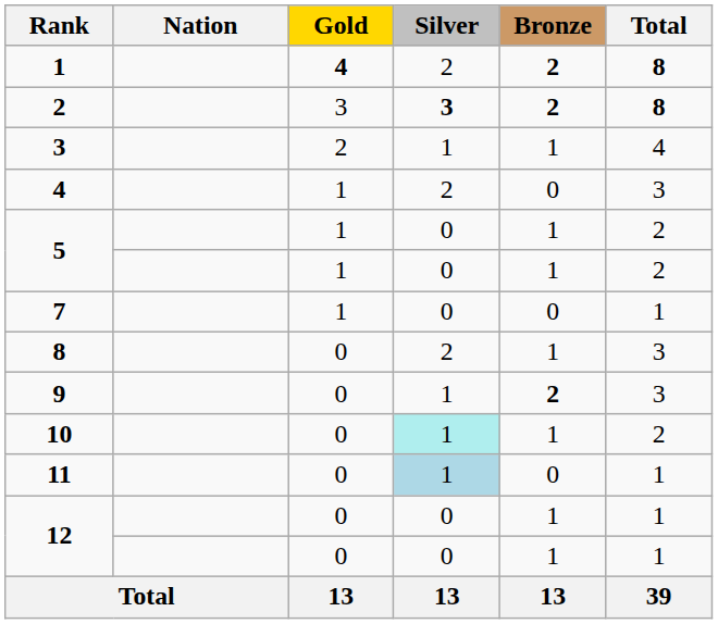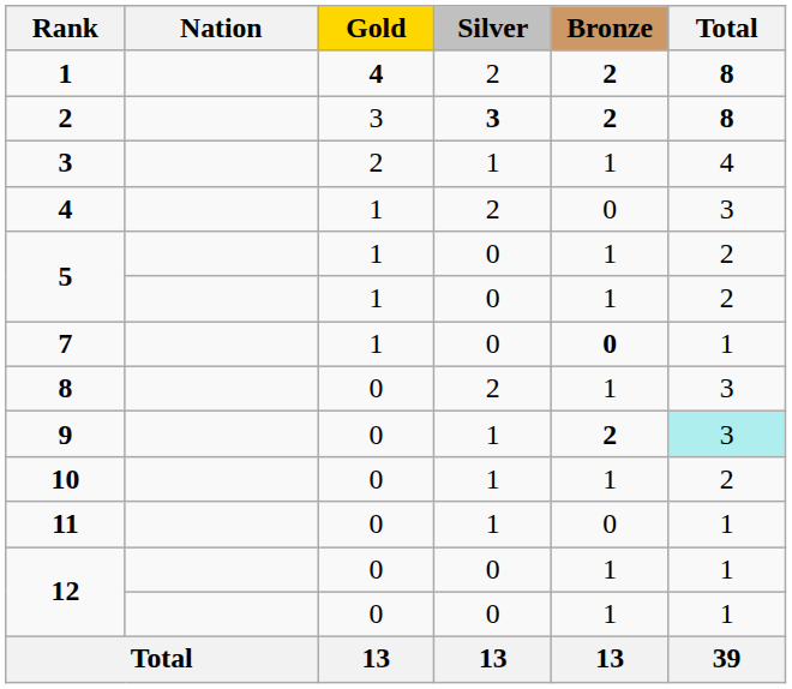 <table class="wikitable collapsible autocollapse plainrowheaders" width=70.5% style="text-align:center;">
 <tr style="background-color:#EDEDED;">
 <th width=100px class="hintergrundfarbe5">Rank</th>
 <th width=200px class="hintergrundfarbe6">Nation</th>
 <th style="background:    gold; width:15%">Gold</th>
 <th style="background:  silver; width:15%">Silver</th>
 <th style="background: #CC9966; width:15%">Bronze</th>
 <th class="hintergrundfarbe6" style="width:15%">Total</th>
 </tr>
 <tr>
 <td><strong>1</strong></td>
 <td align=left></td>
 <td><strong>4</strong></td>
 <td>2</td>
 <td><strong>2</strong></td>
 <td><strong>8</strong></td>
 </tr>
 <tr>
 <td><strong>2</strong></td>
 <td align=left></td>
 <td>3</td>
 <td><strong>3</strong></td>
 <td><strong>2</strong></td>
 <td><strong>8</strong></td>
 </tr>
 <tr>
 <td><strong>3</strong></td>
 <td align=left></td>
 <td>2</td>
 <td>1</td>
 <td>1</td>
 <td>4</td>
 </tr>
 <tr>
 <td><strong>4</strong></td>
 <td align=left></td>
 <td>1</td>
 <td>2</td>
 <td>0</td>
 <td>3</td>
 </tr>
 <tr>
 <td rowspan=2><strong>5</strong></td>
 <td align=left></td>
 <td>1</td>
 <td>0</td>
 <td>1</td>
 <td>2</td>
 </tr>
 <tr>
 <td align=left></td>
 <td>1</td>
 <td>0</td>
 <td>1</td>
 <td>2</td>
 </tr>
 <tr>
 <td><strong>7</strong></td>
 <td align=left></td>
 <td>1</td>
 <td>0</td>
-<td>0</td>
+<td><strong>0</strong></td>
 <td>1</td>
 </tr>
 <tr>
 <td><strong>8</strong></td>
 <td align=left></td>
 <td>0</td>
 <td>2</td>
 <td>1</td>
 <td>3</td>
 </tr>
 <tr>
 <td><strong>9</strong></td>
 <td align=left></td>
 <td>0</td>
 <td>1</td>
 <td><strong>2</strong></td>
-<td>3</td>
+<td style="background: paleturquoise;">3</td>
 </tr>
 <tr>
 <td><strong>10</strong></td>
 <td align=left></td>
 <td>0</td>
-<td style="background: paleturquoise;">1</td>
+<td>1</td>
 <td>1</td>
 <td>2</td>
 </tr>
 <tr>
 <td><strong>11</strong></td>
 <td align=left></td>
 <td>0</td>
-<td style="background: lightblue;">1</td>
+<td>1</td>
 <td>0</td>
 <td>1</td>
 </tr>
 <tr>
 <td rowspan=2><strong>12</strong></td>
 <td align=left></td>
 <td>0</td>
 <td>0</td>
 <td>1</td>
 <td>1</td>
 </tr>
 <tr>
 <td align=left></td>
 <td>0</td>
 <td>0</td>
 <td>1</td>
 <td>1</td>
 </tr>
 <tr>
 <th colspan=2>Total</th>
 <th>13</th>
 <th>13</th>
 <th>13</th>
 <th>39</th>
 </tr>
 </table>
